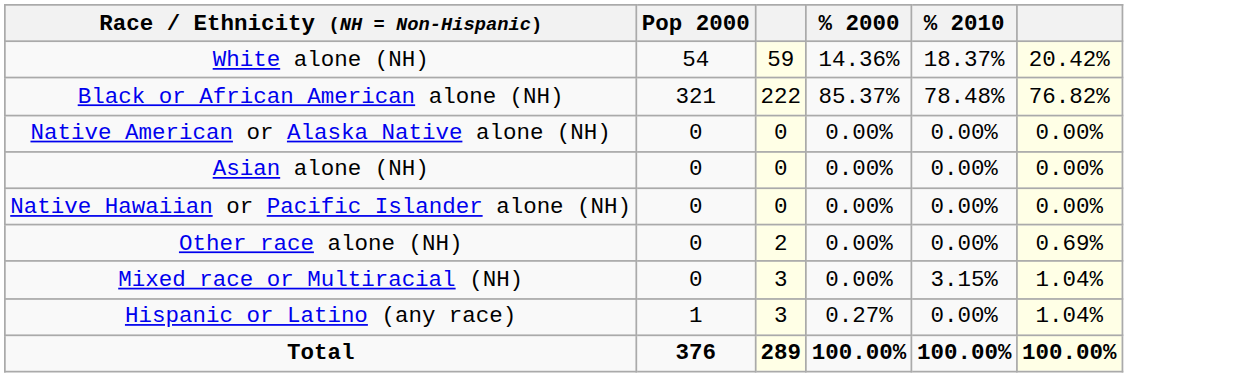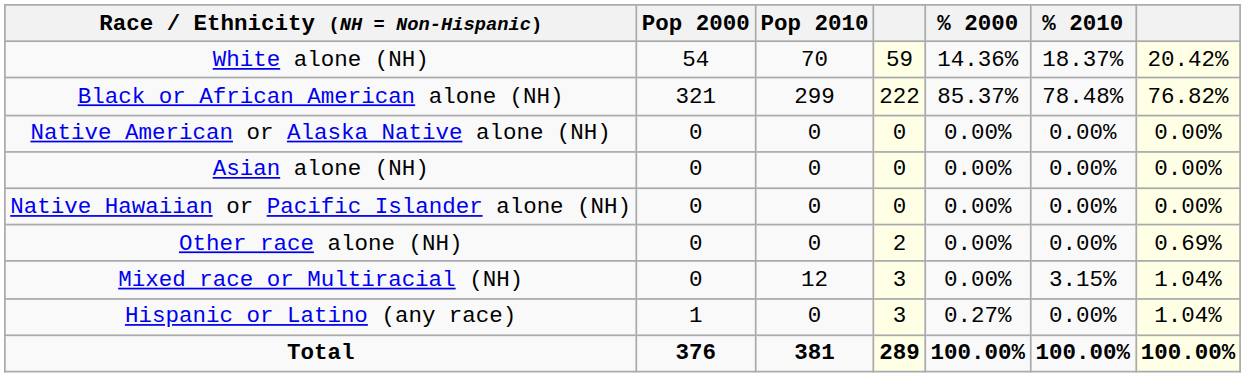 <table class="wikitable" style="text-align:center;">
 <tr>
 <th>Race / Ethnicity <small>(<em>NH = Non-Hispanic</em>)</small></th>
 <th>Pop 2000</th>
+<th>Pop 2010</th>
 <th></th>
 <th>% 2000</th>
 <th>% 2010</th>
 <th></th>
 </tr>
 <tr>
 <td><a href='#'>White</a> alone (NH)</td>
 <td>54</td>
+<td>70</td>
 <td style='background: #ffffe6;'>59</td>
 <td>14.36%</td>
 <td>18.37%</td>
 <td style='background: #ffffe6;'>20.42%</td>
 </tr>
 <tr>
 <td><a href='#'>Black or African American</a> alone (NH)</td>
 <td>321</td>
+<td>299</td>
 <td style='background: #ffffe6;'>222</td>
 <td>85.37%</td>
 <td>78.48%</td>
 <td style='background: #ffffe6;'>76.82%</td>
 </tr>
 <tr>
 <td><a href='#'>Native American</a> or <a href='#'>Alaska Native</a> alone (NH)</td>
+<td>0</td>
 <td>0</td>
 <td style='background: #ffffe6;'>0</td>
 <td>0.00%</td>
 <td>0.00%</td>
 <td style='background: #ffffe6;'>0.00%</td>
 </tr>
 <tr>
 <td><a href='#'>Asian</a> alone (NH)</td>
 <td>0</td>
+<td>0</td>
 <td style='background: #ffffe6;'>0</td>
 <td>0.00%</td>
 <td>0.00%</td>
 <td style='background: #ffffe6;'>0.00%</td>
 </tr>
 <tr>
 <td><a href='#'>Native Hawaiian</a> or <a href='#'>Pacific Islander</a> alone (NH)</td>
+<td>0</td>
 <td>0</td>
 <td style='background: #ffffe6;'>0</td>
 <td>0.00%</td>
 <td>0.00%</td>
 <td style='background: #ffffe6;'>0.00%</td>
 </tr>
 <tr>
 <td><a href='#'>Other race</a> alone (NH)</td>
 <td>0</td>
+<td>0</td>
 <td style='background: #ffffe6;'>2</td>
 <td>0.00%</td>
 <td>0.00%</td>
 <td style='background: #ffffe6;'>0.69%</td>
 </tr>
 <tr>
 <td><a href='#'>Mixed race or Multiracial</a> (NH)</td>
 <td>0</td>
+<td>12</td>
 <td style='background: #ffffe6;'>3</td>
 <td>0.00%</td>
 <td>3.15%</td>
 <td style='background: #ffffe6;'>1.04%</td>
 </tr>
 <tr>
 <td><a href='#'>Hispanic or Latino</a> (any race)</td>
 <td>1</td>
+<td>0</td>
 <td style='background: #ffffe6;'>3</td>
 <td>0.27%</td>
 <td>0.00%</td>
 <td style='background: #ffffe6;'>1.04%</td>
 </tr>
 <tr>
 <td><strong>Total</strong></td>
 <td><strong>376</strong></td>
+<td><strong>381</strong></td>
 <td style='background: #ffffe6;'><strong>289</strong></td>
 <td><strong>100.00%</strong></td>
 <td><strong>100.00%</strong></td>
 <td style='background: #ffffe6;'><strong>100.00%</strong></td>
 </tr>
 </table>
